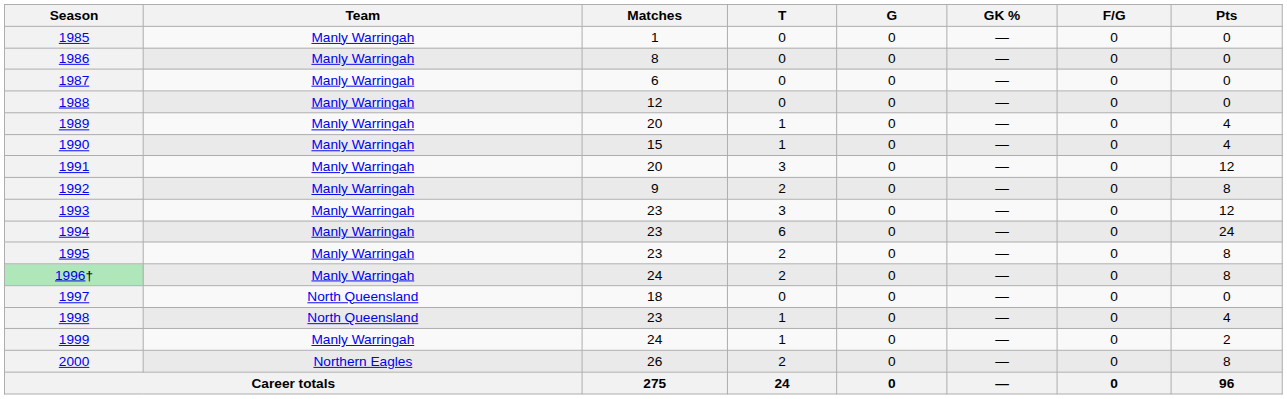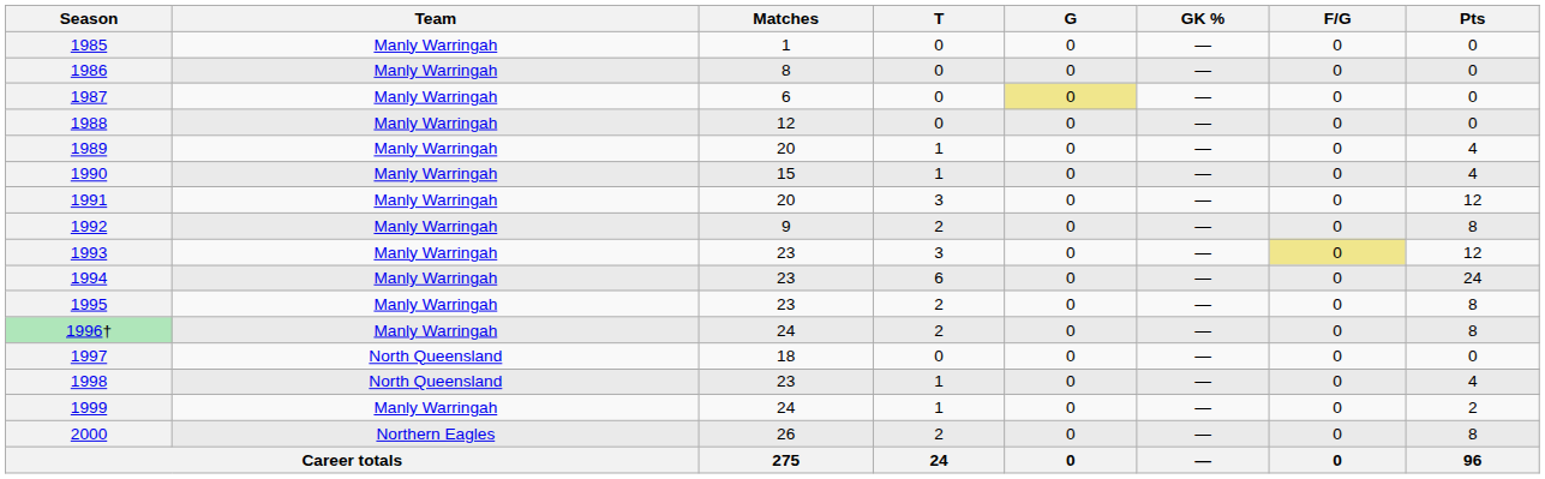 <table class="wikitable sortable"  style="font-size:90%; text-align:center; width:85%;">
 <tr>
 <th width=2%>Season</th>
 <th width=8%>Team</th>
 <th width=2%>Matches</th>
 <th width=2%>T</th>
 <th width=2%>G</th>
 <th width=2%>GK %</th>
 <th width=2%>F/G</th>
 <th width=2%>Pts</th>
 </tr>
 <tr>
 <th scope="row" style="text-align:center; font-weight:normal"><a href='#'>1985</a></th>
 <td style="text-align:center;"> <a href='#'>Manly Warringah</a></td>
 <td>1</td>
 <td>0</td>
 <td>0</td>
 <td>—</td>
 <td>0</td>
 <td>0</td>
 </tr>
 <tr style="background-color: #EAEAEA">
 <th scope="row" style="text-align:center; font-weight:normal"><a href='#'>1986</a></th>
 <td style="text-align:center;"> <a href='#'>Manly Warringah</a></td>
 <td>8</td>
 <td>0</td>
 <td>0</td>
 <td>—</td>
 <td>0</td>
 <td>0</td>
 </tr>
 <tr>
 <th scope="row" style="text-align:center; font-weight:normal"><a href='#'>1987</a></th>
 <td style="text-align:center;"> <a href='#'>Manly Warringah</a></td>
 <td>6</td>
 <td>0</td>
-<td>0</td>
+<td style="background: khaki;">0</td>
 <td>—</td>
 <td>0</td>
 <td>0</td>
 </tr>
 <tr style="background-color: #EAEAEA">
 <th scope="row" style="text-align:center; font-weight:normal"><a href='#'>1988</a></th>
 <td style="text-align:center;"> <a href='#'>Manly Warringah</a></td>
 <td>12</td>
 <td>0</td>
 <td>0</td>
 <td>—</td>
 <td>0</td>
 <td>0</td>
 </tr>
 <tr>
 <th scope="row" style="text-align:center; font-weight:normal"><a href='#'>1989</a></th>
 <td style="text-align:center;"> <a href='#'>Manly Warringah</a></td>
 <td>20</td>
 <td>1</td>
 <td>0</td>
 <td>—</td>
 <td>0</td>
 <td>4</td>
 </tr>
 <tr style="background-color: #EAEAEA">
 <th scope="row" style="text-align:center; font-weight:normal"><a href='#'>1990</a></th>
 <td style="text-align:center;"> <a href='#'>Manly Warringah</a></td>
 <td>15</td>
 <td>1</td>
 <td>0</td>
 <td>—</td>
 <td>0</td>
 <td>4</td>
 </tr>
 <tr>
 <th scope="row" style="text-align:center; font-weight:normal"><a href='#'>1991</a></th>
 <td style="text-align:center;"> <a href='#'>Manly Warringah</a></td>
 <td>20</td>
 <td>3</td>
 <td>0</td>
 <td>—</td>
 <td>0</td>
 <td>12</td>
 </tr>
 <tr style="background-color: #EAEAEA">
 <th scope="row" style="text-align:center; font-weight:normal"><a href='#'>1992</a></th>
 <td style="text-align:center;"> <a href='#'>Manly Warringah</a></td>
 <td>9</td>
 <td>2</td>
 <td>0</td>
 <td>—</td>
 <td>0</td>
 <td>8</td>
 </tr>
 <tr>
 <th scope="row" style="text-align:center; font-weight:normal"><a href='#'>1993</a></th>
 <td style="text-align:center;"> <a href='#'>Manly Warringah</a></td>
 <td>23</td>
 <td>3</td>
 <td>0</td>
 <td>—</td>
-<td>0</td>
+<td style="background: khaki;">0</td>
 <td>12</td>
 </tr>
 <tr style="background-color: #EAEAEA">
 <th scope="row" style="text-align:center; font-weight:normal"><a href='#'>1994</a></th>
 <td style="text-align:center;"> <a href='#'>Manly Warringah</a></td>
 <td>23</td>
 <td>6</td>
 <td>0</td>
 <td>—</td>
 <td>0</td>
 <td>24</td>
 </tr>
 <tr>
 <th scope="row" style="text-align:center; font-weight:normal"><a href='#'>1995</a></th>
 <td style="text-align:center;"> <a href='#'>Manly Warringah</a></td>
 <td>23</td>
 <td>2</td>
 <td>0</td>
 <td>—</td>
 <td>0</td>
 <td>8</td>
 </tr>
 <tr style="background-color: #EAEAEA">
 <th scope="row" style="text-align:center; font-weight:normal; background:#afe6ba;"><a href='#'>1996</a>†</th>
 <td style="text-align:center;"> <a href='#'>Manly Warringah</a></td>
 <td>24</td>
 <td>2</td>
 <td>0</td>
 <td>—</td>
 <td>0</td>
 <td>8</td>
 </tr>
 <tr>
 <th scope="row" style="text-align:center; font-weight:normal"><a href='#'>1997</a></th>
 <td style="text-align:center;"> <a href='#'>North Queensland</a></td>
 <td>18</td>
 <td>0</td>
 <td>0</td>
 <td>—</td>
 <td>0</td>
 <td>0</td>
 </tr>
 <tr style="background-color: #EAEAEA">
 <th scope="row" style="text-align:center; font-weight:normal"><a href='#'>1998</a></th>
 <td style="text-align:center;"> <a href='#'>North Queensland</a></td>
 <td>23</td>
 <td>1</td>
 <td>0</td>
 <td>—</td>
 <td>0</td>
 <td>4</td>
 </tr>
 <tr>
 <th scope="row" style="text-align:center; font-weight:normal"><a href='#'>1999</a></th>
 <td style="text-align:center;"> <a href='#'>Manly Warringah</a></td>
 <td>24</td>
 <td>1</td>
 <td>0</td>
 <td>—</td>
 <td>0</td>
 <td>2</td>
 </tr>
 <tr style="background-color: #EAEAEA">
 <th scope="row" style="text-align:center; font-weight:normal"><a href='#'>2000</a></th>
 <td style="text-align:center;"> <a href='#'>Northern Eagles</a></td>
 <td>26</td>
 <td>2</td>
 <td>0</td>
 <td>—</td>
 <td>0</td>
 <td>8</td>
 </tr>
 <tr class="sortbottom">
 <th colspan=2>Career totals</th>
 <th>275</th>
 <th>24</th>
 <th>0</th>
 <th>—</th>
 <th>0</th>
 <th>96</th>
 </tr>
 </table>
